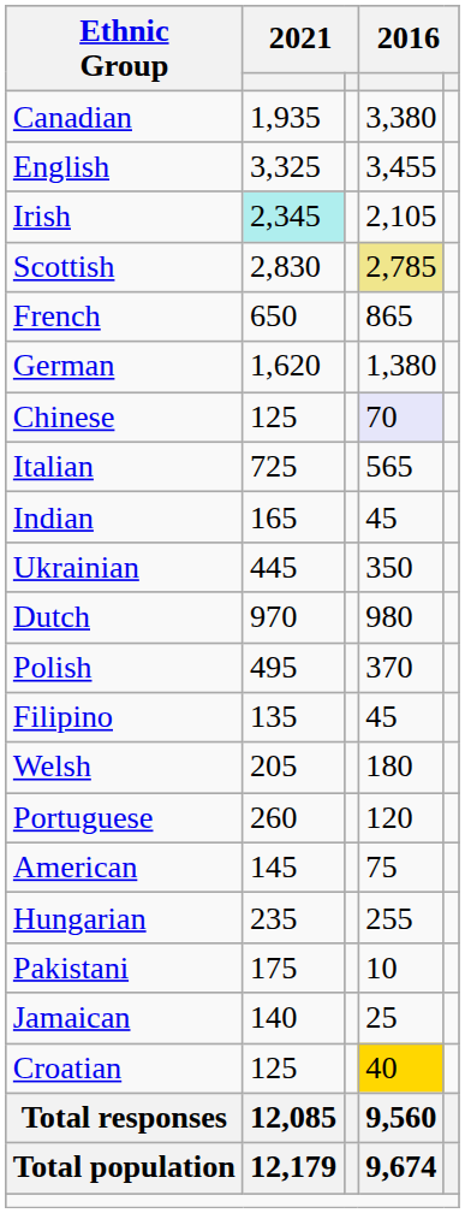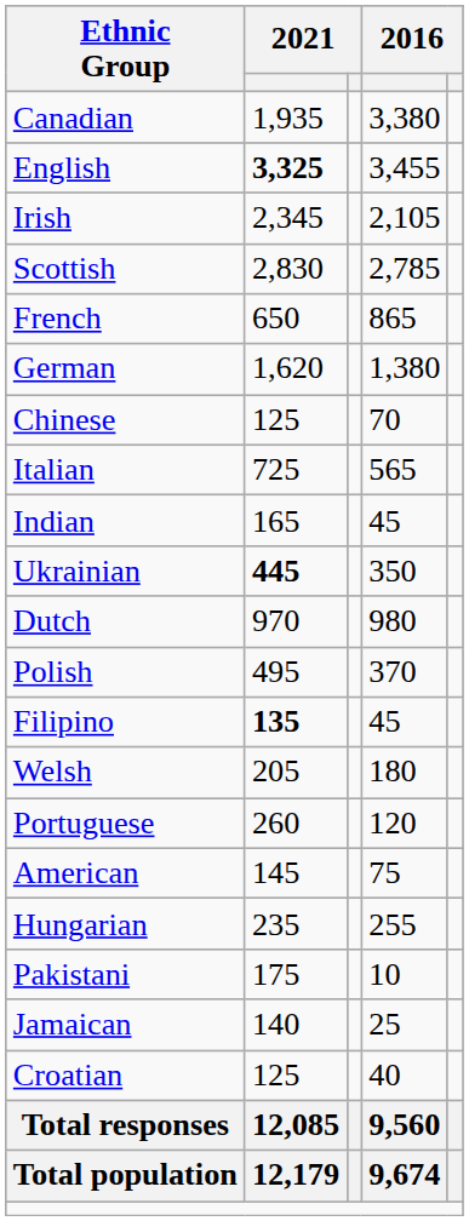 <table class="wikitable collapsible sortable">
 <tr>
 <th rowspan="2"><a href='#'>Ethnic</a><br>Group</th>
 <th colspan="2">2021</th>
 <th colspan="2">2016</th>
 </tr>
 <tr>
 <th><a href='#'></a></th>
 <th></th>
 <th><a href='#'></a></th>
 <th></th>
 </tr>
 <tr>
 <td><a href='#'>Canadian</a></td>
 <td>1,935</td>
 <td></td>
 <td>3,380</td>
 <td></td>
 </tr>
 <tr>
 <td><a href='#'>English</a></td>
-<td>3,325</td>
+<td><strong>3,325</strong></td>
 <td></td>
 <td>3,455</td>
 <td></td>
 </tr>
 <tr>
 <td><a href='#'>Irish</a></td>
-<td style="background: paleturquoise;">2,345</td>
+<td>2,345</td>
 <td></td>
 <td>2,105</td>
 <td></td>
 </tr>
 <tr>
 <td><a href='#'>Scottish</a></td>
 <td>2,830</td>
 <td></td>
-<td style="background: khaki;">2,785</td>
+<td>2,785</td>
 <td></td>
 </tr>
 <tr>
 <td><a href='#'>French</a></td>
 <td>650</td>
 <td></td>
 <td>865</td>
 <td></td>
 </tr>
 <tr>
 <td><a href='#'>German</a></td>
 <td>1,620</td>
 <td></td>
 <td>1,380</td>
 <td></td>
 </tr>
 <tr>
 <td><a href='#'>Chinese</a></td>
 <td>125</td>
 <td></td>
-<td style="background: lavender;">70</td>
+<td>70</td>
 <td></td>
 </tr>
 <tr>
 <td><a href='#'>Italian</a></td>
 <td>725</td>
 <td></td>
 <td>565</td>
 <td></td>
 </tr>
 <tr>
 <td><a href='#'>Indian</a></td>
 <td>165</td>
 <td></td>
 <td>45</td>
 <td></td>
 </tr>
 <tr>
 <td><a href='#'>Ukrainian</a></td>
-<td>445</td>
+<td><strong>445</strong></td>
 <td></td>
 <td>350</td>
 <td></td>
 </tr>
 <tr>
 <td><a href='#'>Dutch</a></td>
 <td>970</td>
 <td></td>
 <td>980</td>
 <td></td>
 </tr>
 <tr>
 <td><a href='#'>Polish</a></td>
 <td>495</td>
 <td></td>
 <td>370</td>
 <td></td>
 </tr>
 <tr>
 <td><a href='#'>Filipino</a></td>
-<td>135</td>
+<td><strong>135</strong></td>
 <td></td>
 <td>45</td>
 <td></td>
 </tr>
 <tr>
 <td><a href='#'>Welsh</a></td>
 <td>205</td>
 <td></td>
 <td>180</td>
 <td></td>
 </tr>
 <tr>
 <td><a href='#'>Portuguese</a></td>
 <td>260</td>
 <td></td>
 <td>120</td>
 <td></td>
 </tr>
 <tr>
 <td><a href='#'>American</a></td>
 <td>145</td>
 <td></td>
 <td>75</td>
 <td></td>
 </tr>
 <tr>
 <td><a href='#'>Hungarian</a></td>
 <td>235</td>
 <td></td>
 <td>255</td>
 <td></td>
 </tr>
 <tr>
 <td><a href='#'>Pakistani</a></td>
 <td>175</td>
 <td></td>
 <td>10</td>
 <td></td>
 </tr>
 <tr>
 <td><a href='#'>Jamaican</a></td>
 <td>140</td>
 <td></td>
 <td>25</td>
 <td></td>
 </tr>
 <tr>
 <td><a href='#'>Croatian</a></td>
 <td>125</td>
 <td></td>
-<td style="background: gold;">40</td>
+<td>40</td>
 <td></td>
 </tr>
 <tr>
 <th>Total responses</th>
 <th>12,085</th>
 <th></th>
 <th>9,560</th>
 <th></th>
 </tr>
 <tr>
 <th>Total population</th>
 <th>12,179</th>
 <th></th>
 <th>9,674</th>
 <th></th>
 </tr>
 <tr class="sortbottom">
 <td colspan="15"></td>
 </tr>
 </table>
